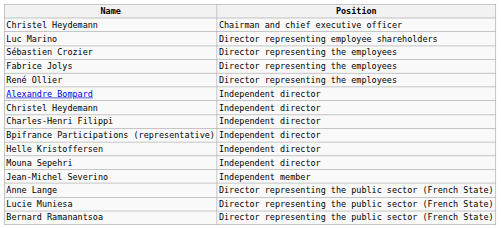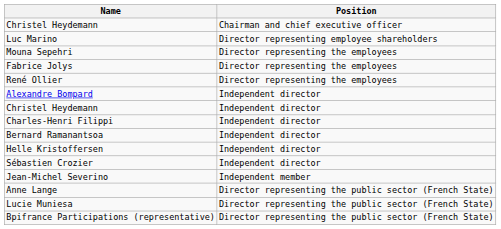 <table class="wikitable sortable centre">
 <tr>
 <th>Name</th>
 <th>Position</th>
 </tr>
 <tr>
 <td>Christel Heydemann</td>
 <td>Chairman and chief executive officer</td>
 </tr>
 <tr>
 <td>Luc Marino</td>
 <td>Director representing employee shareholders</td>
 </tr>
 <tr>
-<td>Sébastien Crozier</td>
+<td>Mouna Sepehri</td>
 <td>Director representing the employees</td>
 </tr>
 <tr>
 <td>Fabrice Jolys</td>
 <td>Director representing the employees</td>
 </tr>
 <tr>
 <td>René Ollier</td>
 <td>Director representing the employees</td>
 </tr>
 <tr>
 <td><a href='#'>Alexandre Bompard</a></td>
 <td>Independent director</td>
 </tr>
 <tr>
 <td>Christel Heydemann</td>
 <td>Independent director</td>
 </tr>
 <tr>
 <td>Charles-Henri Filippi</td>
 <td>Independent director</td>
 </tr>
 <tr>
-<td>Bpifrance Participations (representative)</td>
+<td>Bernard Ramanantsoa</td>
 <td>Independent director</td>
 </tr>
 <tr>
 <td>Helle Kristoffersen</td>
 <td>Independent director</td>
 </tr>
 <tr>
-<td>Mouna Sepehri</td>
+<td>Sébastien Crozier</td>
 <td>Independent director</td>
 </tr>
 <tr>
 <td>Jean-Michel Severino</td>
 <td>Independent member</td>
 </tr>
 <tr>
 <td>Anne Lange</td>
 <td>Director representing the public sector (French State)</td>
 </tr>
 <tr>
 <td>Lucie Muniesa</td>
 <td>Director representing the public sector (French State)</td>
 </tr>
 <tr>
-<td>Bernard Ramanantsoa</td>
+<td>Bpifrance Participations (representative)</td>
 <td>Director representing the public sector (French State)</td>
 </tr>
 </table>
